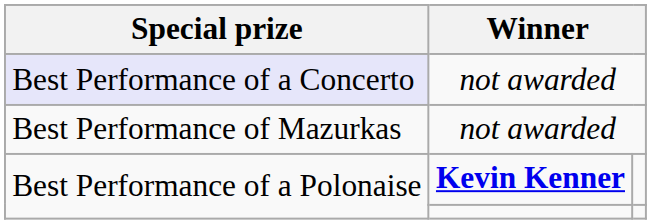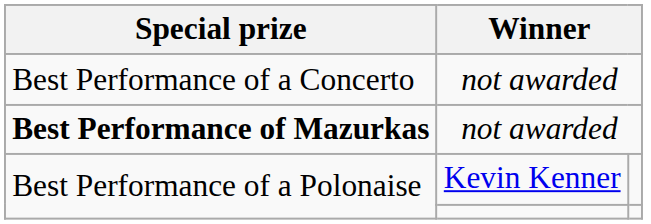 <table class="wikitable">
 <tr>
 <th>Special prize</th>
 <th colspan="2">Winner</th>
 </tr>
 <tr>
-<td style="background: lavender;">Best Performance of a Concerto</td>
+<td>Best Performance of a Concerto</td>
 <td colspan="2" align="center"><em>not awarded</em></td>
 </tr>
 <tr>
-<td>Best Performance of Mazurkas</td>
+<td><strong>Best Performance of Mazurkas</strong></td>
 <td colspan="2" align="center"><em>not awarded</em></td>
 </tr>
 <tr>
 <td rowspan="2">Best Performance of a Polonaise</td>
-<td><strong><a href='#'>Kevin Kenner</a></strong></td>
+<td><a href='#'>Kevin Kenner</a></td>
 <td></td>
 </tr>
 <tr>
 <td></td>
 <td></td>
 </tr>
 </table>
